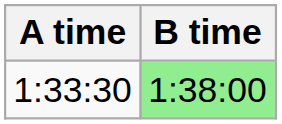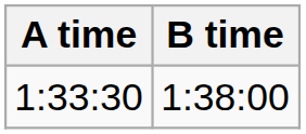 <table class="wikitable" border="1" align="upright">
 <tr>
 <th>A time</th>
 <th>B time</th>
 </tr>
 <tr>
 <td>1:33:30</td>
-<td style="background: lightgreen;">1:38:00</td>
+<td>1:38:00</td>
 </tr>
 </table>
